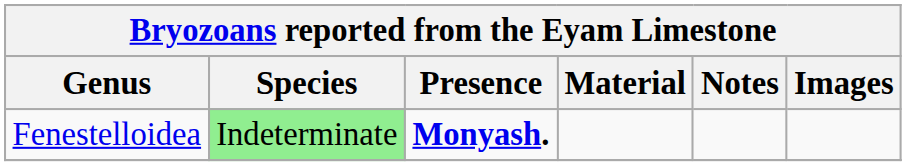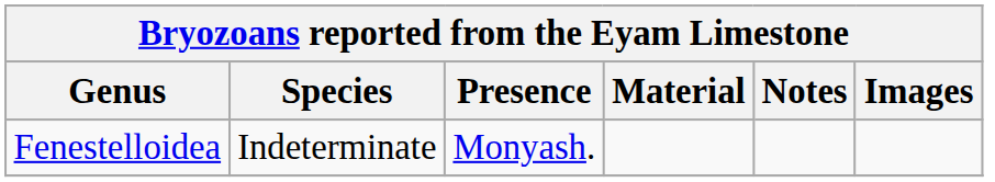 <table class="wikitable" align="center">
 <tr>
 <th colspan="6" align="center"><strong><a href='#'>Bryozoans</a> reported from the Eyam Limestone</strong></th>
 </tr>
 <tr>
 <th>Genus</th>
 <th>Species</th>
 <th>Presence</th>
 <th><strong>Material</strong></th>
 <th>Notes</th>
 <th>Images</th>
 </tr>
 <tr>
 <td><a href='#'>Fenestelloidea</a></td>
-<td style="background: lightgreen;">Indeterminate</td>
-<td><strong><a href='#'>Monyash</a>.</strong></td>
+<td>Indeterminate</td>
+<td><a href='#'>Monyash</a>.</td>
 <td></td>
 <td></td>
 <td></td>
 </tr>
 <tr>
 </tr>
 </table>
